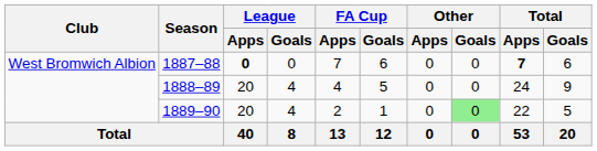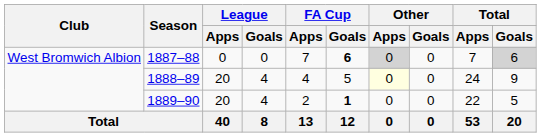 <table class="wikitable" style="text-align:center">
 <tr>
 <th rowspan="2">Club</th>
 <th rowspan="2">Season</th>
 <th colspan="2"><a href='#'>League</a></th>
 <th colspan="2"><a href='#'>FA Cup</a></th>
 <th colspan="2">Other</th>
 <th colspan="2">Total</th>
 </tr>
 <tr>
 <th>Apps</th>
 <th>Goals</th>
 <th>Apps</th>
 <th>Goals</th>
 <th>Apps</th>
 <th>Goals</th>
 <th>Apps</th>
 <th>Goals</th>
 </tr>
 <tr>
 <td rowspan="3" valign=top><a href='#'>West Bromwich Albion</a></td>
 <td><a href='#'>1887–88</a></td>
-<td><strong>0</strong></td>
+<td>0</td>
 <td>0</td>
 <td>7</td>
-<td>6</td>
+<td><strong>6</strong></td>
+<td style="background: lightgrey;">0</td>
 <td>0</td>
-<td>0</td>
-<td><strong>7</strong></td>
-<td>6</td>
+<td>7</td>
+<td style="background: lightgrey;">6</td>
 </tr>
 <tr>
 <td><a href='#'>1888–89</a></td>
 <td>20</td>
 <td>4</td>
 <td>4</td>
 <td>5</td>
-<td>0</td>
+<td style="background: lightyellow;">0</td>
 <td>0</td>
 <td>24</td>
 <td>9</td>
 </tr>
 <tr>
 <td><a href='#'>1889–90</a></td>
 <td>20</td>
 <td>4</td>
 <td>2</td>
-<td>1</td>
+<td><strong>1</strong></td>
 <td>0</td>
-<td style="background: lightgreen;">0</td>
+<td>0</td>
 <td>22</td>
 <td>5</td>
 </tr>
 <tr>
 <th colspan="2">Total</th>
 <th>40</th>
 <th>8</th>
 <th>13</th>
 <th>12</th>
 <th>0</th>
 <th>0</th>
 <th>53</th>
 <th>20</th>
 </tr>
 </table>
